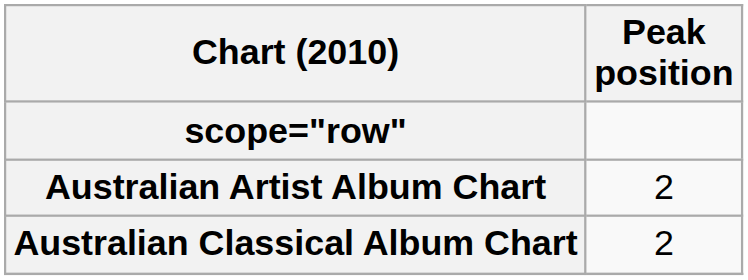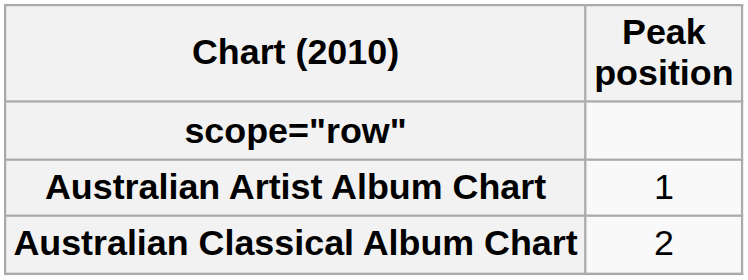 <table class="wikitable sortable plainrowheaders" style="text-align:center;">
 <tr>
 <th scope="col">Chart (2010)</th>
 <th scope="col">Peak<br>position</th>
 </tr>
 <tr>
 <th>scope="row"</th>
 </tr>
 <tr>
 <th scope="row">Australian Artist Album Chart</th>
-<td>2</td>
+<td>1</td>
 </tr>
 <tr>
 <th scope="row">Australian Classical Album Chart</th>
 <td>2</td>
 </tr>
 <tr>
 </tr>
 </table>
